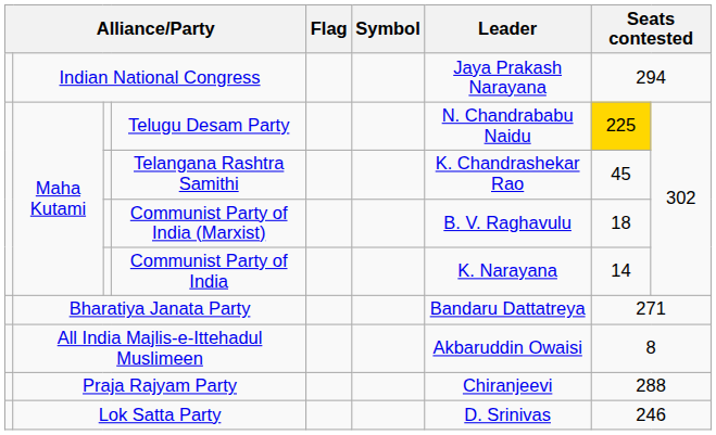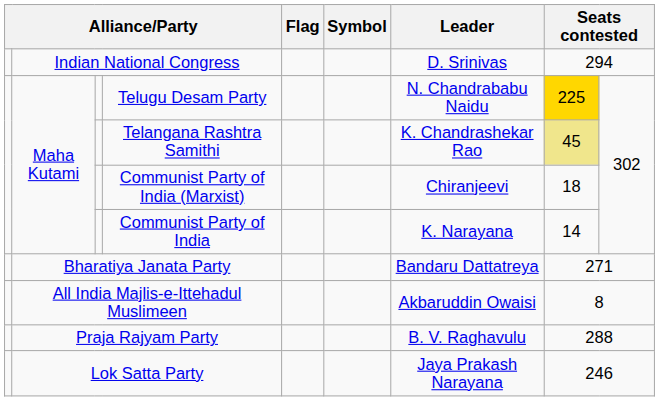 <table class="wikitable sortable" width="50%" style="text-align:center;">
 <tr>
 <th colspan=4>Alliance/Party</th>
 <th>Flag</th>
 <th>Symbol</th>
 <th>Leader</th>
 <th colspan=4>Seats contested</th>
 </tr>
 <tr>
 <td style="text-align:center; background:"></td>
 <td colspan=3><a href='#'>Indian National Congress</a></td>
 <td></td>
 <td></td>
-<td><a href='#'>Jaya Prakash Narayana</a></td>
+<td><a href='#'>D. Srinivas</a></td>
 <td colspan=3>294</td>
 </tr>
 <tr>
 <td rowspan=4 style="text-align:center; background:"></td>
 <td rowspan=4><a href='#'>Maha Kutami</a></td>
 <td style="text-align:center; background:"></td>
 <td><a href='#'>Telugu Desam Party</a></td>
 <td></td>
 <td></td>
 <td><a href='#'>N. Chandrababu Naidu</a></td>
 <td style="background: gold;">225</td>
 <td rowspan=4>302</td>
 </tr>
 <tr>
 <td style="text-align:center; background:"></td>
 <td><a href='#'>Telangana Rashtra Samithi</a></td>
 <td></td>
 <td></td>
 <td><a href='#'>K. Chandrashekar Rao</a></td>
-<td>45</td>
+<td style="background: khaki;">45</td>
 </tr>
 <tr>
 <td style="text-align:center; background:"></td>
 <td><a href='#'>Communist Party of India (Marxist)</a></td>
 <td></td>
 <td></td>
-<td><a href='#'>B. V. Raghavulu</a></td>
+<td><a href='#'>Chiranjeevi</a></td>
 <td>18</td>
 </tr>
 <tr>
 <td style="text-align:center; background:"></td>
 <td><a href='#'>Communist Party of India</a></td>
 <td></td>
 <td></td>
 <td><a href='#'>K. Narayana</a></td>
 <td>14</td>
 </tr>
 <tr>
 <td style="text-align:center; background:"></td>
 <td colspan=3><a href='#'>Bharatiya Janata Party</a></td>
 <td></td>
 <td></td>
 <td><a href='#'>Bandaru Dattatreya</a></td>
 <td colspan=3>271</td>
 </tr>
 <tr>
 <td style="text-align:center; background:"></td>
 <td colspan=3><a href='#'>All India Majlis-e-Ittehadul Muslimeen</a></td>
 <td></td>
 <td></td>
 <td><a href='#'>Akbaruddin Owaisi</a></td>
 <td colspan=3>8</td>
 </tr>
 <tr>
 <td style="text-align:center; background:"></td>
 <td colspan=3><a href='#'>Praja Rajyam Party</a></td>
 <td></td>
 <td></td>
-<td><a href='#'>Chiranjeevi</a></td>
+<td><a href='#'>B. V. Raghavulu</a></td>
 <td colspan=3>288</td>
 </tr>
 <tr>
 <td style="text-align:center; background:"></td>
 <td colspan=3><a href='#'>Lok Satta Party</a></td>
 <td></td>
 <td></td>
-<td><a href='#'>D. Srinivas</a></td>
+<td><a href='#'>Jaya Prakash Narayana</a></td>
 <td colspan=3>246</td>
 </tr>
 </table>
